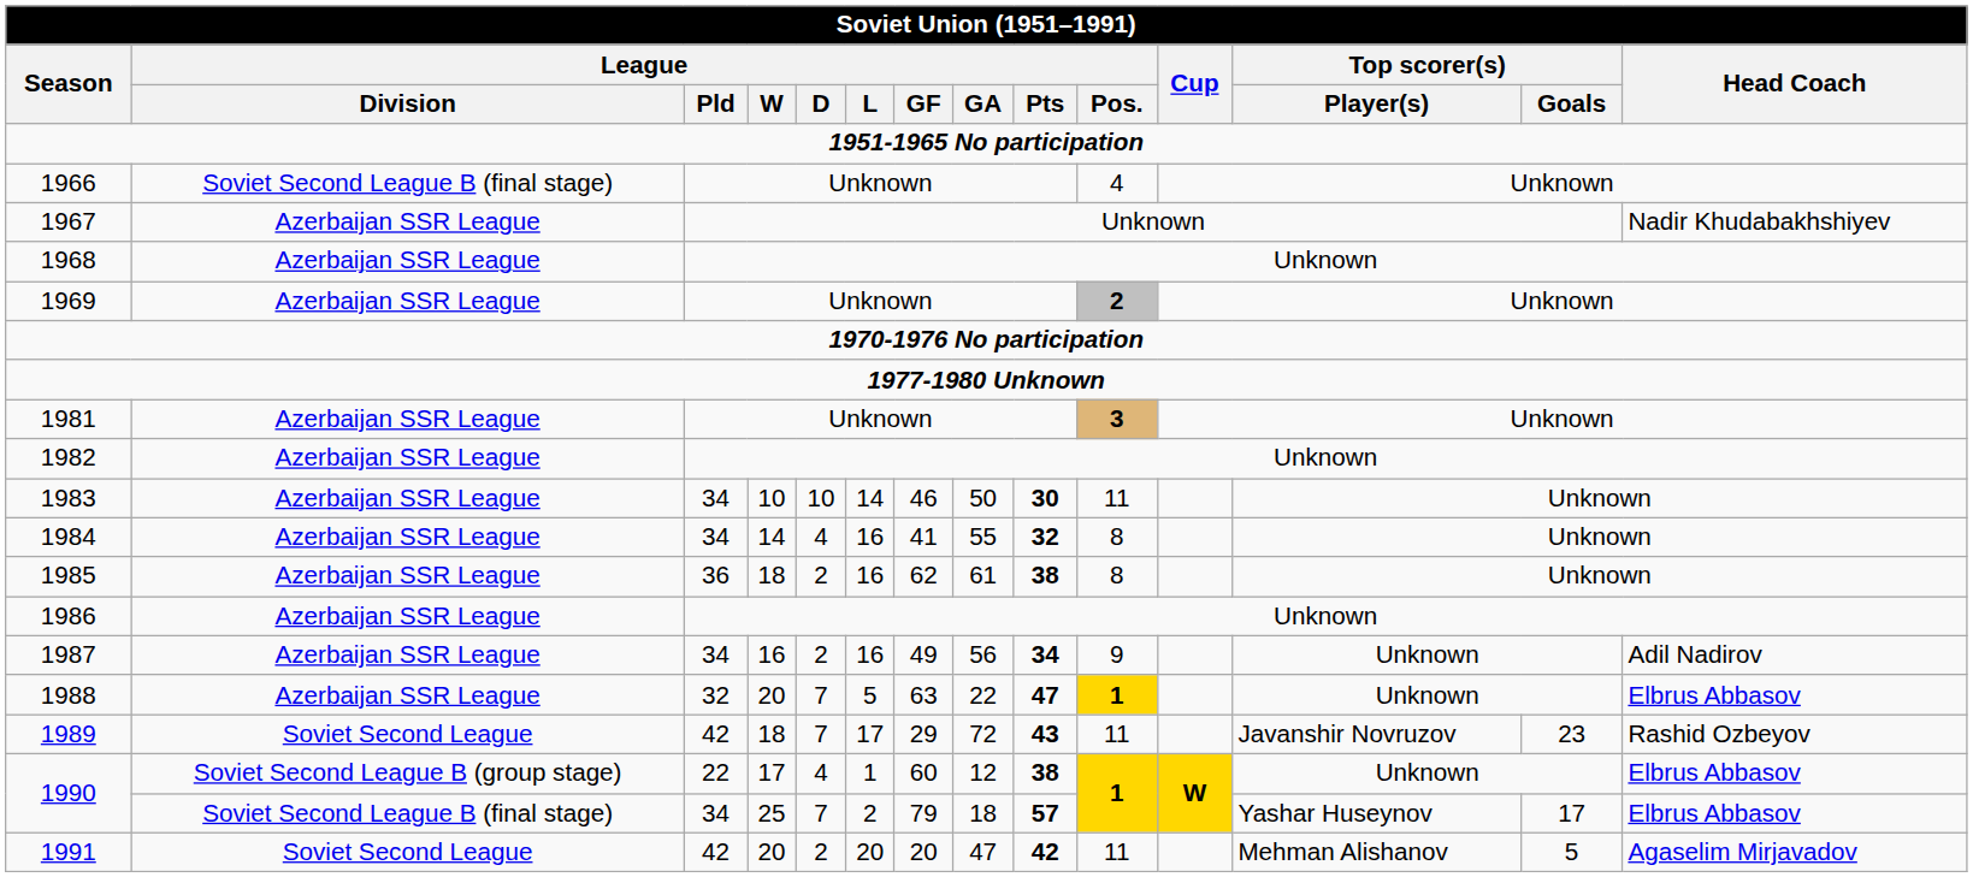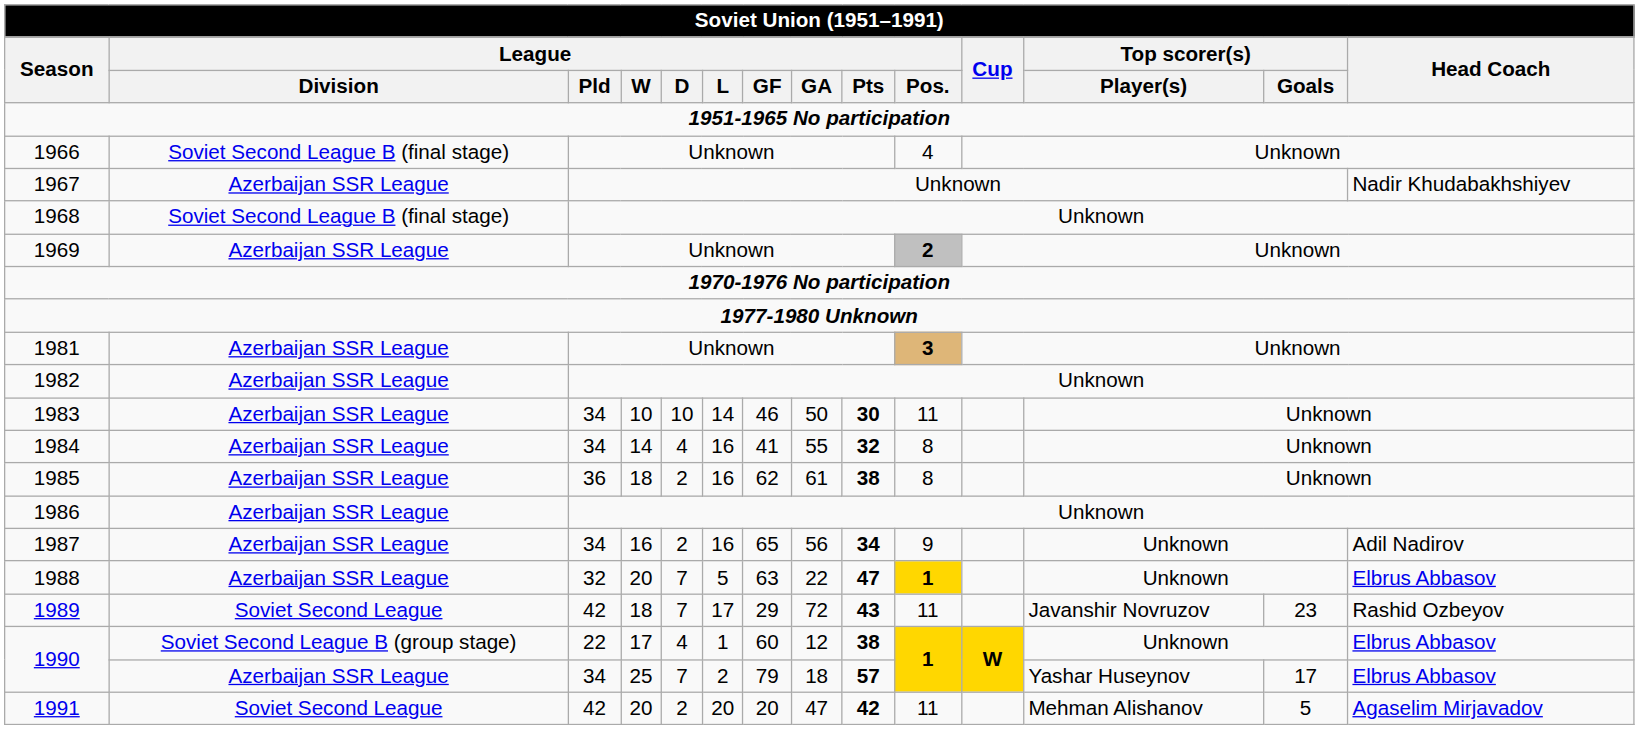 <table class="wikitable" width="100%" style="text-align: center;">
 <tr align=center style="background:#000000; font-weight:bold; color:#FFFFFF">
 <td colspan=14> Soviet Union (1951–1991)</td>
 </tr>
 <tr align=center style="background:#efefef; font-weight:bold;">
 </tr>
 <tr>
 <th rowspan="2">Season</th>
 <th colspan="9">League</th>
 <th rowspan="2"><a href='#'>Cup</a></th>
 <th colspan="2">Top scorer(s)</th>
 <th rowspan="2">Head Coach</th>
 </tr>
 <tr>
 <th>Division</th>
 <th>Pld</th>
 <th>W</th>
 <th>D</th>
 <th>L</th>
 <th>GF</th>
 <th>GA</th>
 <th>Pts</th>
 <th>Pos.</th>
 <th>Player(s)</th>
 <th>Goals</th>
 </tr>
 <tr>
 <td colspan=14><strong><em>1951-1965 No participation</em></strong></td>
 </tr>
 <tr>
 <td>1966</td>
 <td><a href='#'>Soviet Second League B</a> (final stage)</td>
 <td colspan=7>Unknown</td>
 <td>4</td>
 <td colspan=4>Unknown</td>
 </tr>
 <tr>
 <td>1967</td>
 <td><a href='#'>Azerbaijan SSR League</a></td>
 <td colspan=11>Unknown</td>
 <td align="left"> Nadir Khudabakhshiyev</td>
 </tr>
 <tr>
 <td>1968</td>
-<td><a href='#'>Azerbaijan SSR League</a></td>
+<td><a href='#'>Soviet Second League B</a> (final stage)</td>
 <td colspan=12>Unknown</td>
 </tr>
 <tr>
 <td>1969</td>
 <td><a href='#'>Azerbaijan SSR League</a></td>
 <td colspan=7>Unknown</td>
 <td style="background:silver;"><strong>2</strong></td>
 <td colspan=4>Unknown</td>
 </tr>
 <tr>
 <td colspan=14><strong><em>1970-1976 No participation </em></strong></td>
 </tr>
 <tr>
 <td colspan=14><strong><em>1977-1980 Unknown</em></strong></td>
 </tr>
 <tr>
 <td>1981</td>
 <td><a href='#'>Azerbaijan SSR League</a></td>
 <td colspan=7>Unknown</td>
 <td style="background:#deb678;"><strong>3</strong></td>
 <td colspan=4>Unknown</td>
 </tr>
 <tr>
 <td>1982</td>
 <td><a href='#'>Azerbaijan SSR League</a></td>
 <td colspan=12>Unknown</td>
 </tr>
 <tr>
 <td>1983</td>
 <td><a href='#'>Azerbaijan SSR League</a></td>
 <td>34</td>
 <td>10</td>
 <td>10</td>
 <td>14</td>
 <td>46</td>
 <td>50</td>
 <td><strong>30</strong></td>
 <td>11</td>
 <td></td>
 <td colspan=3>Unknown</td>
 </tr>
 <tr>
 <td>1984</td>
 <td><a href='#'>Azerbaijan SSR League</a></td>
 <td>34</td>
 <td>14</td>
 <td>4</td>
 <td>16</td>
 <td>41</td>
 <td>55</td>
 <td><strong>32</strong></td>
 <td>8</td>
 <td></td>
 <td colspan=3>Unknown</td>
 </tr>
 <tr>
 <td>1985</td>
 <td><a href='#'>Azerbaijan SSR League</a></td>
 <td>36</td>
 <td>18</td>
 <td>2</td>
 <td>16</td>
 <td>62</td>
 <td>61</td>
 <td><strong>38</strong></td>
 <td>8</td>
 <td></td>
 <td colspan=3>Unknown</td>
 </tr>
 <tr>
 <td>1986</td>
 <td><a href='#'>Azerbaijan SSR League</a></td>
 <td colspan=12>Unknown</td>
 </tr>
 <tr>
 <td>1987</td>
 <td><a href='#'>Azerbaijan SSR League</a></td>
 <td>34</td>
 <td>16</td>
 <td>2</td>
 <td>16</td>
-<td>49</td>
+<td>65</td>
 <td>56</td>
 <td><strong>34</strong></td>
 <td>9</td>
 <td></td>
 <td colspan=2>Unknown</td>
 <td align="left"> Adil Nadirov</td>
 </tr>
 <tr>
 <td>1988</td>
 <td><a href='#'>Azerbaijan SSR League</a></td>
 <td>32</td>
 <td>20</td>
 <td>7</td>
 <td>5</td>
 <td>63</td>
 <td>22</td>
 <td><strong>47</strong></td>
 <td style="background:gold;"><strong>1</strong></td>
 <td></td>
 <td colspan=2>Unknown</td>
 <td align="left"> <a href='#'>Elbrus Abbasov</a></td>
 </tr>
 <tr>
 <td><a href='#'>1989</a></td>
 <td><a href='#'>Soviet Second League</a></td>
 <td>42</td>
 <td>18</td>
 <td>7</td>
 <td>17</td>
 <td>29</td>
 <td>72</td>
 <td><strong>43</strong></td>
 <td>11</td>
 <td -></td>
 <td align="left"> Javanshir Novruzov</td>
 <td>23</td>
 <td align="left"> Rashid Ozbeyov</td>
 </tr>
 <tr>
 <td rowspan=2><a href='#'>1990</a></td>
 <td><a href='#'>Soviet Second League B</a> (group stage)</td>
 <td>22</td>
 <td>17</td>
 <td>4</td>
 <td>1</td>
 <td>60</td>
 <td>12</td>
 <td><strong>38</strong></td>
 <td rowspan=2 bgcolor=Gold><strong>1</strong></td>
 <td rowspan=2 bgcolor=Gold><strong>W</strong></td>
 <td colspan=2>Unknown</td>
 <td align="left"> <a href='#'>Elbrus Abbasov</a></td>
 </tr>
 <tr>
-<td><a href='#'>Soviet Second League B</a> (final stage)</td>
+<td><a href='#'>Azerbaijan SSR League</a></td>
 <td>34</td>
 <td>25</td>
 <td>7</td>
 <td>2</td>
 <td>79</td>
 <td>18</td>
 <td><strong>57</strong></td>
 <td align="left"> Yashar Huseynov</td>
 <td>17</td>
 <td align="left"> <a href='#'>Elbrus Abbasov</a></td>
 </tr>
 <tr>
 <td><a href='#'>1991</a></td>
 <td><a href='#'>Soviet Second League</a></td>
 <td>42</td>
 <td>20</td>
 <td>2</td>
 <td>20</td>
 <td>20</td>
 <td>47</td>
 <td><strong>42</strong></td>
 <td>11</td>
 <td></td>
 <td align="left"> Mehman Alishanov</td>
 <td>5</td>
 <td align="left"> <a href='#'>Agaselim Mirjavadov</a></td>
 </tr>
 </table>
